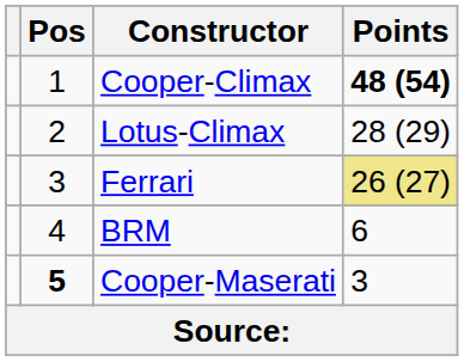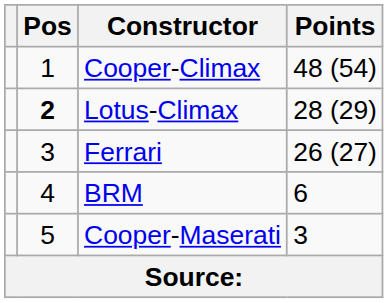 <table class="wikitable" style="font-size: 95%;">
 <tr>
 <th></th>
 <th>Pos</th>
 <th>Constructor</th>
 <th>Points</th>
 </tr>
 <tr>
 <td align="left"></td>
 <td align="center">1</td>
 <td> <a href='#'>Cooper</a>-<a href='#'>Climax</a></td>
-<td align=left><strong>48 (54)</strong></td>
+<td align=left>48 (54)</td>
 </tr>
 <tr>
 <td align="left"></td>
-<td align="center">2</td>
+<td align="center"><strong>2</strong></td>
 <td> <a href='#'>Lotus</a>-<a href='#'>Climax</a></td>
 <td align=left>28 (29)</td>
 </tr>
 <tr>
 <td align="left"></td>
 <td align="center">3</td>
 <td> <a href='#'>Ferrari</a></td>
-<td align=left style="background: khaki;">26 (27)</td>
+<td align=left>26 (27)</td>
 </tr>
 <tr>
 <td align="left"></td>
 <td align="center">4</td>
 <td> <a href='#'>BRM</a></td>
 <td align=left>6</td>
 </tr>
 <tr>
 <td align="left"></td>
-<td align="center"><strong>5</strong></td>
+<td align="center">5</td>
 <td> <a href='#'>Cooper</a>-<a href='#'>Maserati</a></td>
 <td align=left>3</td>
 </tr>
 <tr>
 <th colspan=4>Source: </th>
 </tr>
 </table>
